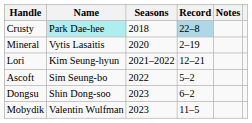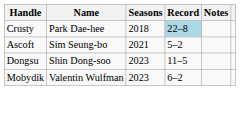 <table class="wikitable">
 <tr>
 <th style="background:#">Handle</th>
 <th style="background:#">Name</th>
 <th style="background:#">Seasons</th>
 <th style="background:#">Record</th>
 <th style="background:#">Notes</th>
 <th style="background:#"></th>
 </tr>
 <tr>
 <td>Crusty</td>
-<td style="background: paleturquoise;">Park Dae-hee</td>
+<td>Park Dae-hee</td>
 <td>2018</td>
 <td style="background: lightblue;">22–8 </td>
 <td></td>
 <td></td>
 </tr>
 <tr>
-<td>Mineral</td>
-<td>Vytis Lasaitis</td>
-<td>2020</td>
-<td>2–19 </td>
-<td></td>
-<td></td>
-</tr>
-<tr>
-<td>Lori</td>
-<td>Kim Seung-hyun</td>
-<td>2021–2022</td>
-<td>12–21 </td>
-<td></td>
-<td></td>
-</tr>
-<tr>
 <td>Ascoft</td>
 <td>Sim Seung-bo</td>
-<td>2022</td>
+<td>2021</td>
 <td>5–2 </td>
 <td></td>
 <td></td>
 </tr>
 <tr>
 <td>Dongsu</td>
 <td>Shin Dong-soo</td>
 <td>2023</td>
-<td>6–2 </td>
+<td>11–5 </td>
 <td></td>
 <td></td>
 </tr>
 <tr>
 <td>Mobydik</td>
 <td>Valentin Wulfman</td>
 <td>2023</td>
-<td>11–5 </td>
+<td>6–2 </td>
 <td></td>
 <td></td>
 </tr>
 </table>
